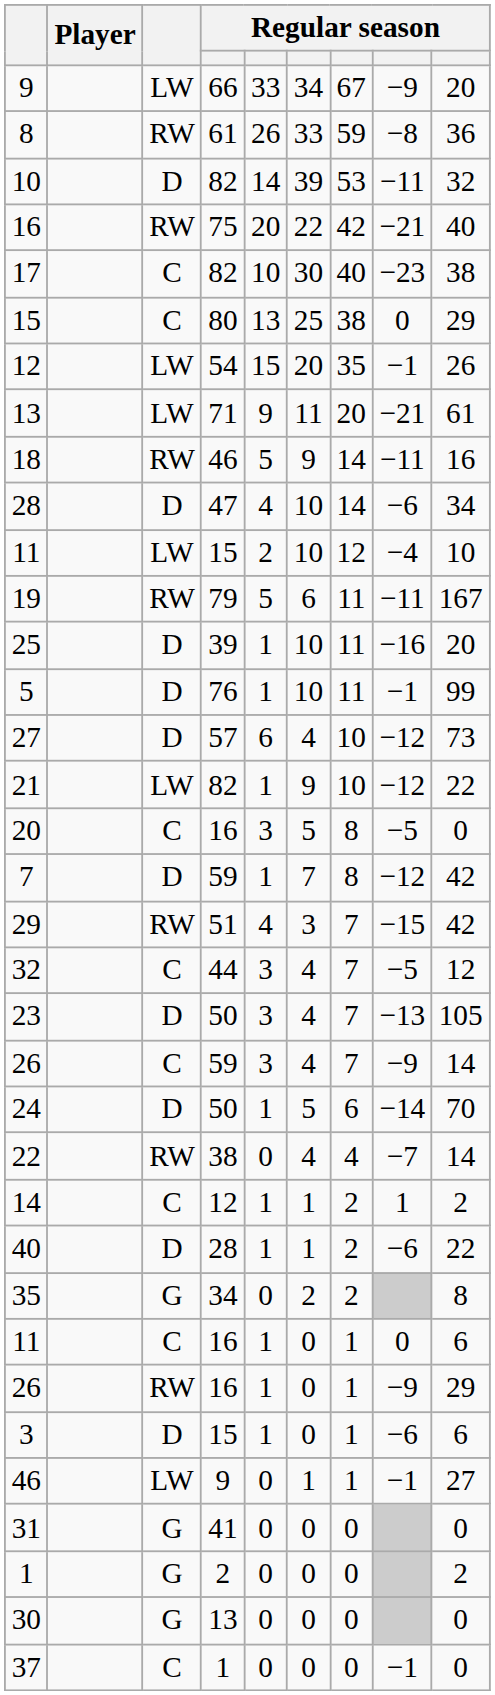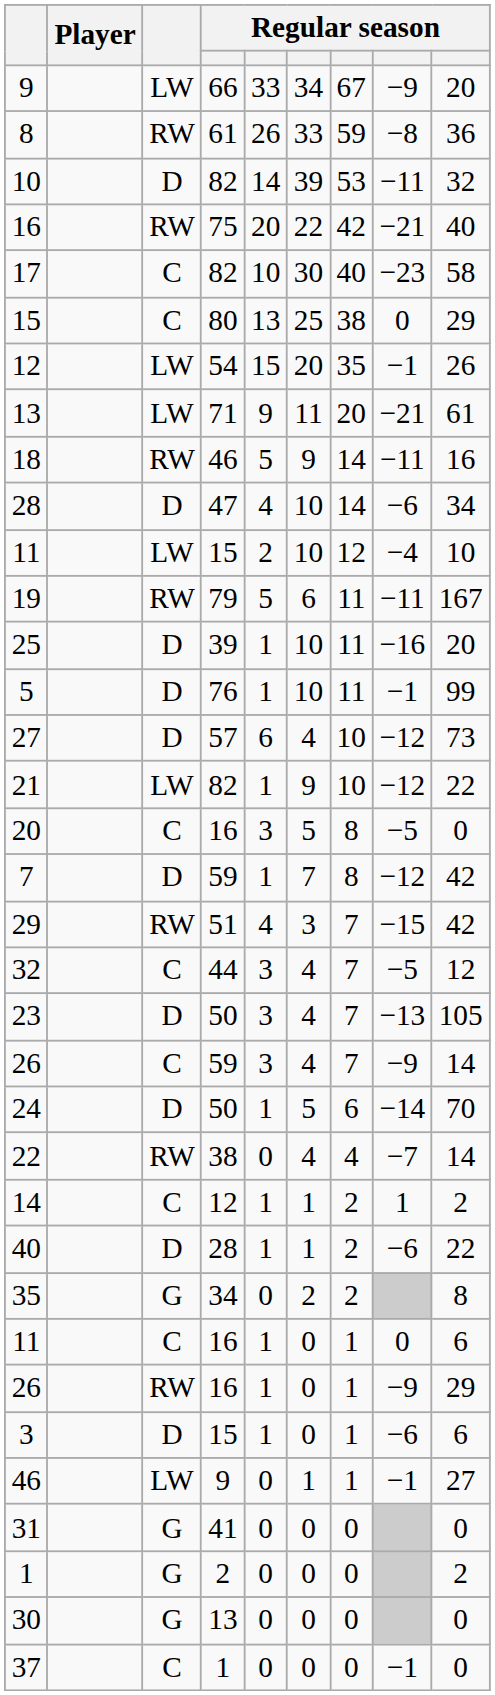 <table class="wikitable sortable plainrowheaders" style="text-align:center;">
 <tr>
 <th scope="col" data-sort-type="number" rowspan="2"></th>
 <th scope="col" rowspan="2">Player</th>
 <th scope="col" rowspan="2"></th>
 <th scope=colgroup colspan=6>Regular season</th>
 </tr>
 <tr>
 <th scope="col" data-sort-type="number"></th>
 <th scope="col" data-sort-type="number"></th>
 <th scope="col" data-sort-type="number"></th>
 <th scope="col" data-sort-type="number"></th>
 <th scope="col" data-sort-type="number"></th>
 <th scope="col" data-sort-type="number"></th>
 </tr>
 <tr>
 <td scope="row">9</td>
 <td align="left"></td>
 <td>LW</td>
 <td>66</td>
 <td>33</td>
 <td>34</td>
 <td>67</td>
 <td>−9</td>
 <td>20</td>
 </tr>
 <tr>
 <td scope="row">8</td>
 <td align="left"></td>
 <td>RW</td>
 <td>61</td>
 <td>26</td>
 <td>33</td>
 <td>59</td>
 <td>−8</td>
 <td>36</td>
 </tr>
 <tr>
 <td scope="row">10</td>
 <td align="left"></td>
 <td>D</td>
 <td>82</td>
 <td>14</td>
 <td>39</td>
 <td>53</td>
 <td>−11</td>
 <td>32</td>
 </tr>
 <tr>
 <td scope="row">16</td>
 <td align="left"></td>
 <td>RW</td>
 <td>75</td>
 <td>20</td>
 <td>22</td>
 <td>42</td>
 <td>−21</td>
 <td>40</td>
 </tr>
 <tr>
 <td scope="row">17</td>
 <td align="left"></td>
 <td>C</td>
 <td>82</td>
 <td>10</td>
 <td>30</td>
 <td>40</td>
 <td>−23</td>
-<td>38</td>
+<td>58</td>
 </tr>
 <tr>
 <td scope="row">15</td>
 <td align="left"></td>
 <td>C</td>
 <td>80</td>
 <td>13</td>
 <td>25</td>
 <td>38</td>
 <td>0</td>
 <td>29</td>
 </tr>
 <tr>
 <td scope="row">12</td>
 <td align="left"></td>
 <td>LW</td>
 <td>54</td>
 <td>15</td>
 <td>20</td>
 <td>35</td>
 <td>−1</td>
 <td>26</td>
 </tr>
 <tr>
 <td scope="row">13</td>
 <td align="left"></td>
 <td>LW</td>
 <td>71</td>
 <td>9</td>
 <td>11</td>
 <td>20</td>
 <td>−21</td>
 <td>61</td>
 </tr>
 <tr>
 <td scope="row">18</td>
 <td align="left"></td>
 <td>RW</td>
 <td>46</td>
 <td>5</td>
 <td>9</td>
 <td>14</td>
 <td>−11</td>
 <td>16</td>
 </tr>
 <tr>
 <td scope="row">28</td>
 <td align="left"></td>
 <td>D</td>
 <td>47</td>
 <td>4</td>
 <td>10</td>
 <td>14</td>
 <td>−6</td>
 <td>34</td>
 </tr>
 <tr>
 <td scope="row">11</td>
 <td align="left"></td>
 <td>LW</td>
 <td>15</td>
 <td>2</td>
 <td>10</td>
 <td>12</td>
 <td>−4</td>
 <td>10</td>
 </tr>
 <tr>
 <td scope="row">19</td>
 <td align="left"></td>
 <td>RW</td>
 <td>79</td>
 <td>5</td>
 <td>6</td>
 <td>11</td>
 <td>−11</td>
 <td>167</td>
 </tr>
 <tr>
 <td scope="row">25</td>
 <td align="left"></td>
 <td>D</td>
 <td>39</td>
 <td>1</td>
 <td>10</td>
 <td>11</td>
 <td>−16</td>
 <td>20</td>
 </tr>
 <tr>
 <td scope="row">5</td>
 <td align="left"></td>
 <td>D</td>
 <td>76</td>
 <td>1</td>
 <td>10</td>
 <td>11</td>
 <td>−1</td>
 <td>99</td>
 </tr>
 <tr>
 <td scope="row">27</td>
 <td align="left"></td>
 <td>D</td>
 <td>57</td>
 <td>6</td>
 <td>4</td>
 <td>10</td>
 <td>−12</td>
 <td>73</td>
 </tr>
 <tr>
 <td scope="row">21</td>
 <td align="left"></td>
 <td>LW</td>
 <td>82</td>
 <td>1</td>
 <td>9</td>
 <td>10</td>
 <td>−12</td>
 <td>22</td>
 </tr>
 <tr>
 <td scope="row">20</td>
 <td align="left"></td>
 <td>C</td>
 <td>16</td>
 <td>3</td>
 <td>5</td>
 <td>8</td>
 <td>−5</td>
 <td>0</td>
 </tr>
 <tr>
 <td scope="row">7</td>
 <td align="left"></td>
 <td>D</td>
 <td>59</td>
 <td>1</td>
 <td>7</td>
 <td>8</td>
 <td>−12</td>
 <td>42</td>
 </tr>
 <tr>
 <td scope="row">29</td>
 <td align="left"></td>
 <td>RW</td>
 <td>51</td>
 <td>4</td>
 <td>3</td>
 <td>7</td>
 <td>−15</td>
 <td>42</td>
 </tr>
 <tr>
 <td scope="row">32</td>
 <td align="left"></td>
 <td>C</td>
 <td>44</td>
 <td>3</td>
 <td>4</td>
 <td>7</td>
 <td>−5</td>
 <td>12</td>
 </tr>
 <tr>
 <td scope="row">23</td>
 <td align="left"></td>
 <td>D</td>
 <td>50</td>
 <td>3</td>
 <td>4</td>
 <td>7</td>
 <td>−13</td>
 <td>105</td>
 </tr>
 <tr>
 <td scope="row">26</td>
 <td align="left"></td>
 <td>C</td>
 <td>59</td>
 <td>3</td>
 <td>4</td>
 <td>7</td>
 <td>−9</td>
 <td>14</td>
 </tr>
 <tr>
 <td scope="row">24</td>
 <td align="left"></td>
 <td>D</td>
 <td>50</td>
 <td>1</td>
 <td>5</td>
 <td>6</td>
 <td>−14</td>
 <td>70</td>
 </tr>
 <tr>
 <td scope="row">22</td>
 <td align="left"></td>
 <td>RW</td>
 <td>38</td>
 <td>0</td>
 <td>4</td>
 <td>4</td>
 <td>−7</td>
 <td>14</td>
 </tr>
 <tr>
 <td scope="row">14</td>
 <td align="left"></td>
 <td>C</td>
 <td>12</td>
 <td>1</td>
 <td>1</td>
 <td>2</td>
 <td>1</td>
 <td>2</td>
 </tr>
 <tr>
 <td scope="row">40</td>
 <td align="left"></td>
 <td>D</td>
 <td>28</td>
 <td>1</td>
 <td>1</td>
 <td>2</td>
 <td>−6</td>
 <td>22</td>
 </tr>
 <tr>
 <td scope="row">35</td>
 <td align="left"></td>
 <td>G</td>
 <td>34</td>
 <td>0</td>
 <td>2</td>
 <td>2</td>
 <td style="background:#ccc"></td>
 <td>8</td>
 </tr>
 <tr>
 <td scope="row">11</td>
 <td align="left"></td>
 <td>C</td>
 <td>16</td>
 <td>1</td>
 <td>0</td>
 <td>1</td>
 <td>0</td>
 <td>6</td>
 </tr>
 <tr>
 <td scope="row">26</td>
 <td align="left"></td>
 <td>RW</td>
 <td>16</td>
 <td>1</td>
 <td>0</td>
 <td>1</td>
 <td>−9</td>
 <td>29</td>
 </tr>
 <tr>
 <td scope="row">3</td>
 <td align="left"></td>
 <td>D</td>
 <td>15</td>
 <td>1</td>
 <td>0</td>
 <td>1</td>
 <td>−6</td>
 <td>6</td>
 </tr>
 <tr>
 <td scope="row">46</td>
 <td align="left"></td>
 <td>LW</td>
 <td>9</td>
 <td>0</td>
 <td>1</td>
 <td>1</td>
 <td>−1</td>
 <td>27</td>
 </tr>
 <tr>
 <td scope="row">31</td>
 <td align="left"></td>
 <td>G</td>
 <td>41</td>
 <td>0</td>
 <td>0</td>
 <td>0</td>
 <td style="background:#ccc"></td>
 <td>0</td>
 </tr>
 <tr>
 <td scope="row">1</td>
 <td align="left"></td>
 <td>G</td>
 <td>2</td>
 <td>0</td>
 <td>0</td>
 <td>0</td>
 <td style="background:#ccc"></td>
 <td>2</td>
 </tr>
 <tr>
 <td scope="row">30</td>
 <td align="left"></td>
 <td>G</td>
 <td>13</td>
 <td>0</td>
 <td>0</td>
 <td>0</td>
 <td style="background:#ccc"></td>
 <td>0</td>
 </tr>
 <tr>
 <td scope="row">37</td>
 <td align="left"></td>
 <td>C</td>
 <td>1</td>
 <td>0</td>
 <td>0</td>
 <td>0</td>
 <td>−1</td>
 <td>0</td>
 </tr>
 </table>
